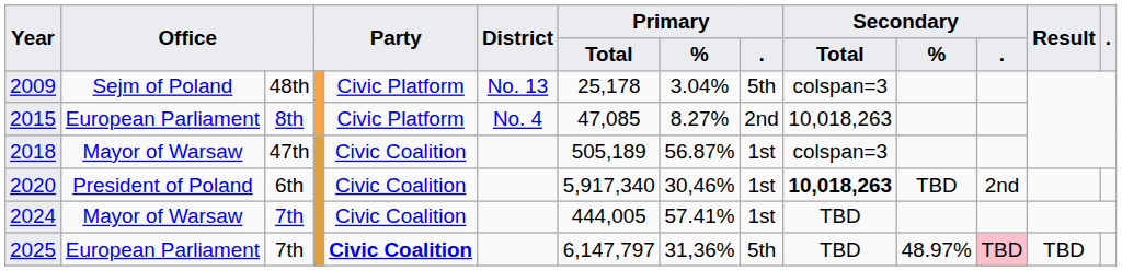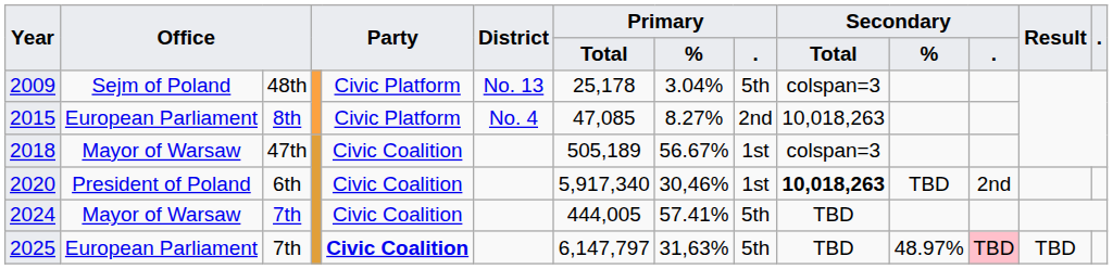 <table class="wikitable" style="font-size:90%; text-align:center;">
 <tr>
 <th style="background-color:#EAECF0;" rowspan=2>Year</th>
 <th colspan="2" rowspan="2" style="background-color:#EAECF0;">Office</th>
 <th style="background-color:#EAECF0;" colspan=2 rowspan=2>Party</th>
 <th style="background-color:#EAECF0;" colspan=1 rowspan=2>District</th>
 <th style="background-color:#EAECF0;" colspan=3>Primary</th>
 <th style="background-color:#EAECF0;" colspan=3>Secondary</th>
 <th style="background-color:#EAECF0;" rowspan=2>Result</th>
 <th style="background-color:#EAECF0;" rowspan=2>.</th>
 </tr>
 <tr>
 <th style="background-color:#EAECF0;">Total</th>
 <th style="background-color:#EAECF0;">%</th>
 <th style="background-color:#EAECF0;">.</th>
 <th style="background-color:#EAECF0;">Total</th>
 <th style="background-color:#EAECF0;">%</th>
 <th style="background-color:#EAECF0;">.</th>
 </tr>
 <tr>
 <td style="background-color:#EAECF0;"><a href='#'>2009</a></td>
 <td><a href='#'>Sejm of Poland</a></td>
 <td>48th</td>
 <td rowspan=2 style="background-color:#FCA241;;"></td>
 <td><a href='#'>Civic Platform</a></td>
 <td><a href='#'>No. 13</a></td>
 <td>25,178</td>
 <td>3.04%</td>
 <td>5th</td>
 <td>colspan=3 </td>
 <td></td>
 <td></td>
 </tr>
 <tr>
 <td style="background-color:#EAECF0;"><a href='#'>2015</a></td>
 <td><a href='#'>European Parliament</a></td>
 <td><a href='#'>8th</a></td>
 <td><a href='#'>Civic Platform</a></td>
 <td><a href='#'>No. 4</a></td>
 <td>47,085</td>
 <td>8.27%</td>
 <td>2nd</td>
 <td>10,018,263</td>
 <td></td>
 <td></td>
 </tr>
 <tr>
 <td style="background-color:#EAECF0;"><a href='#'>2018</a></td>
 <td><a href='#'>Mayor of Warsaw</a></td>
 <td>47th</td>
 <td rowspan="4" style="background-color:#E19F39;;"></td>
 <td><a href='#'>Civic Coalition</a></td>
 <td></td>
 <td>505,189</td>
-<td>56.87%</td>
+<td>56.67%</td>
 <td>1st</td>
 <td>colspan=3 </td>
 <td></td>
 <td></td>
 </tr>
 <tr>
 <td style="background-color:#EAECF0;"><a href='#'>2020</a></td>
 <td><a href='#'>President of Poland</a></td>
 <td>6th</td>
 <td><a href='#'>Civic Coalition</a></td>
 <td></td>
 <td>5,917,340</td>
 <td>30,46%</td>
 <td>1st</td>
 <td><strong>10,018,263</strong></td>
 <td>TBD</td>
 <td>2nd</td>
 <td></td>
 <td></td>
 </tr>
 <tr>
 <td style="background-color:#EAECF0;"><a href='#'>2024</a></td>
 <td><a href='#'>Mayor of Warsaw</a></td>
 <td><a href='#'>7th</a></td>
 <td><a href='#'>Civic Coalition</a></td>
 <td></td>
 <td>444,005</td>
 <td>57.41%</td>
-<td>1st</td>
+<td>5th</td>
 <td>TBD</td>
 <td></td>
 <td></td>
 </tr>
 <tr>
 <td style="background-color:#EAECF0;"><a href='#'>2025</a></td>
 <td><a href='#'>European Parliament</a></td>
 <td>7th</td>
 <td><strong><a href='#'>Civic Coalition</a></strong></td>
 <td></td>
 <td>6,147,797</td>
-<td>31,36%</td>
+<td>31,63%</td>
 <td>5th</td>
 <td>TBD</td>
 <td>48.97%</td>
 <td style="background: pink;">TBD</td>
 <td>TBD</td>
 <td></td>
 </tr>
 </table>
